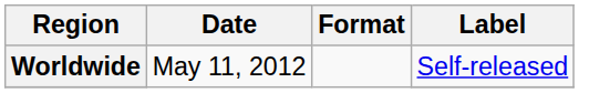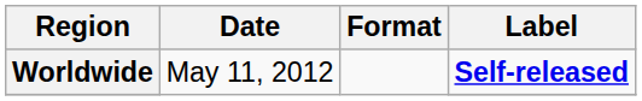 <table class="wikitable plainrowheaders">
 <tr>
 <th>Region</th>
 <th>Date</th>
 <th>Format</th>
 <th>Label</th>
 </tr>
 <tr>
 <th scope="row">Worldwide</th>
 <td rowspan="2">May 11, 2012</td>
 <td rowspan="2"></td>
-<td><a href='#'>Self-released</a></td>
+<td><strong><a href='#'>Self-released</a></strong></td>
 </tr>
 <tr>
 </tr>
 </table>
